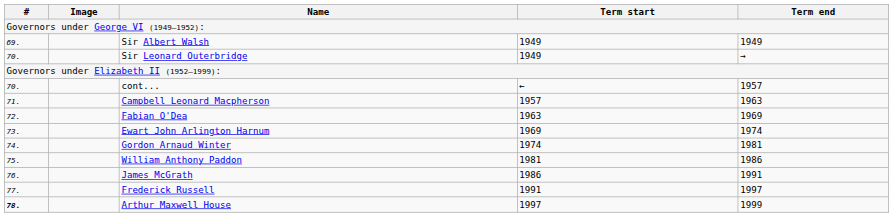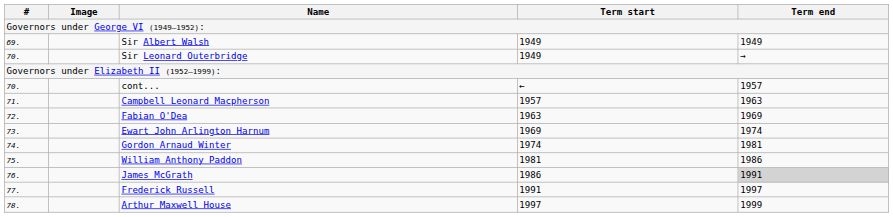 <table class="wikitable" style="width:100%">
 <tr>
 <th width="5%">#</th>
 <th width="8%">Image</th>
 <th width="45%">Name</th>
 <th width="25%">Term start</th>
 <th width="25%">Term end</th>
 </tr>
 <tr bgcolor="#F5F5F5">
 <td colspan="5" align="left"><span>Governors under <a href='#'>George VI</a> <small>(1949–1952)</small>:</span></td>
 </tr>
 <tr>
 <td><small><em>69.</em></small></td>
 <td></td>
 <td>Sir <a href='#'>Albert Walsh</a></td>
 <td>1949</td>
 <td>1949</td>
 </tr>
 <tr>
 <td><small><em>70.</em></small></td>
 <td></td>
 <td>Sir <a href='#'>Leonard Outerbridge</a> </td>
 <td>1949</td>
 <td>→</td>
 </tr>
 <tr bgcolor="#F5F5F5">
 <td colspan="5" align="left"><span>Governors under <a href='#'>Elizabeth II</a> <small>(1952–1999)</small>:</span></td>
 </tr>
 <tr>
 <td><small><em>70.</em></small></td>
 <td></td>
 <td>cont...</td>
 <td>←</td>
 <td>1957</td>
 </tr>
 <tr>
 <td><small><em>71.</em></small></td>
 <td></td>
 <td><a href='#'>Campbell Leonard Macpherson</a></td>
 <td>1957</td>
 <td>1963</td>
 </tr>
 <tr>
 <td><small><em>72.</em></small></td>
 <td></td>
 <td> <a href='#'>Fabian O'Dea</a> </td>
 <td>1963</td>
 <td>1969</td>
 </tr>
 <tr>
 <td><small><em>73.</em></small></td>
 <td></td>
 <td><a href='#'>Ewart John Arlington Harnum</a> </td>
 <td>1969</td>
 <td>1974</td>
 </tr>
 <tr>
 <td><small><em>74.</em></small></td>
 <td></td>
 <td><a href='#'>Gordon Arnaud Winter</a> </td>
 <td>1974</td>
 <td>1981</td>
 </tr>
 <tr>
 <td><small><em>75.</em></small></td>
 <td></td>
 <td><a href='#'>William Anthony Paddon</a> </td>
 <td>1981</td>
 <td>1986</td>
 </tr>
 <tr>
 <td><small><em>76.</em></small></td>
 <td></td>
 <td><a href='#'>James McGrath</a> </td>
 <td>1986</td>
-<td>1991</td>
+<td style="background: lightgrey;">1991</td>
 </tr>
 <tr>
 <td><small><em>77.</em></small></td>
 <td></td>
 <td><a href='#'>Frederick Russell</a> </td>
 <td>1991</td>
 <td>1997</td>
 </tr>
 <tr>
-<td><strong><small><em>78.</em></small></strong></td>
+<td><small><em>78.</em></small></td>
 <td></td>
 <td><a href='#'>Arthur Maxwell House</a> </td>
 <td>1997</td>
 <td>1999</td>
 </tr>
 </table>
